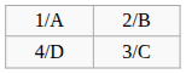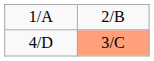 <table class="wikitable" style="margin:0.5em 1em; width:9em; text-align:center;" cellpadding=5>
 <tr>
 <td width="50%">1/A</td>
 <td width="50%">2/B</td>
 </tr>
 <tr>
 <td width="50%">4/D</td>
-<td width="50%">3/C</td>
+<td width="50%" style="background: lightsalmon;">3/C</td>
 </tr>
 </table>
